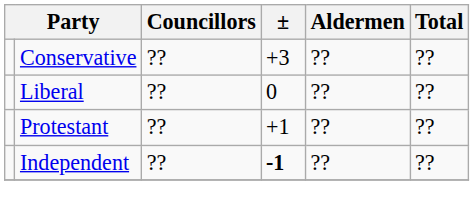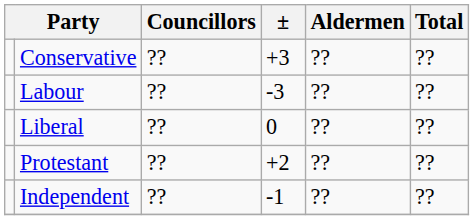 <table class="wikitable">
 <tr>
 <th colspan="2">Party</th>
 <th>Councillors</th>
 <th>  ±  </th>
 <th>Aldermen</th>
 <th>Total</th>
 </tr>
 <tr>
 <td style="background-color: "></td>
 <td><a href='#'>Conservative</a></td>
 <td>??</td>
 <td>+3</td>
 <td>??</td>
 <td>??</td>
 </tr>
 <tr>
 <td style="background-color: "></td>
+<td><a href='#'>Labour</a></td>
+<td>??</td>
+<td>-3</td>
+<td>??</td>
+<td>??</td>
+</tr>
+<tr>
+<td style="background-color: "></td>
 <td><a href='#'>Liberal</a></td>
 <td>??</td>
 <td>0</td>
 <td>??</td>
 <td>??</td>
 </tr>
 <tr>
 <td style="background-color: "></td>
 <td><a href='#'>Protestant</a></td>
 <td>??</td>
-<td>+1</td>
+<td>+2</td>
 <td>??</td>
 <td>??</td>
 </tr>
 <tr>
 <td style="background-color: "></td>
 <td><a href='#'>Independent</a></td>
 <td>??</td>
-<td><strong>-1</strong></td>
+<td>-1</td>
 <td>??</td>
 <td>??</td>
 </tr>
 <tr>
 </tr>
 </table>
